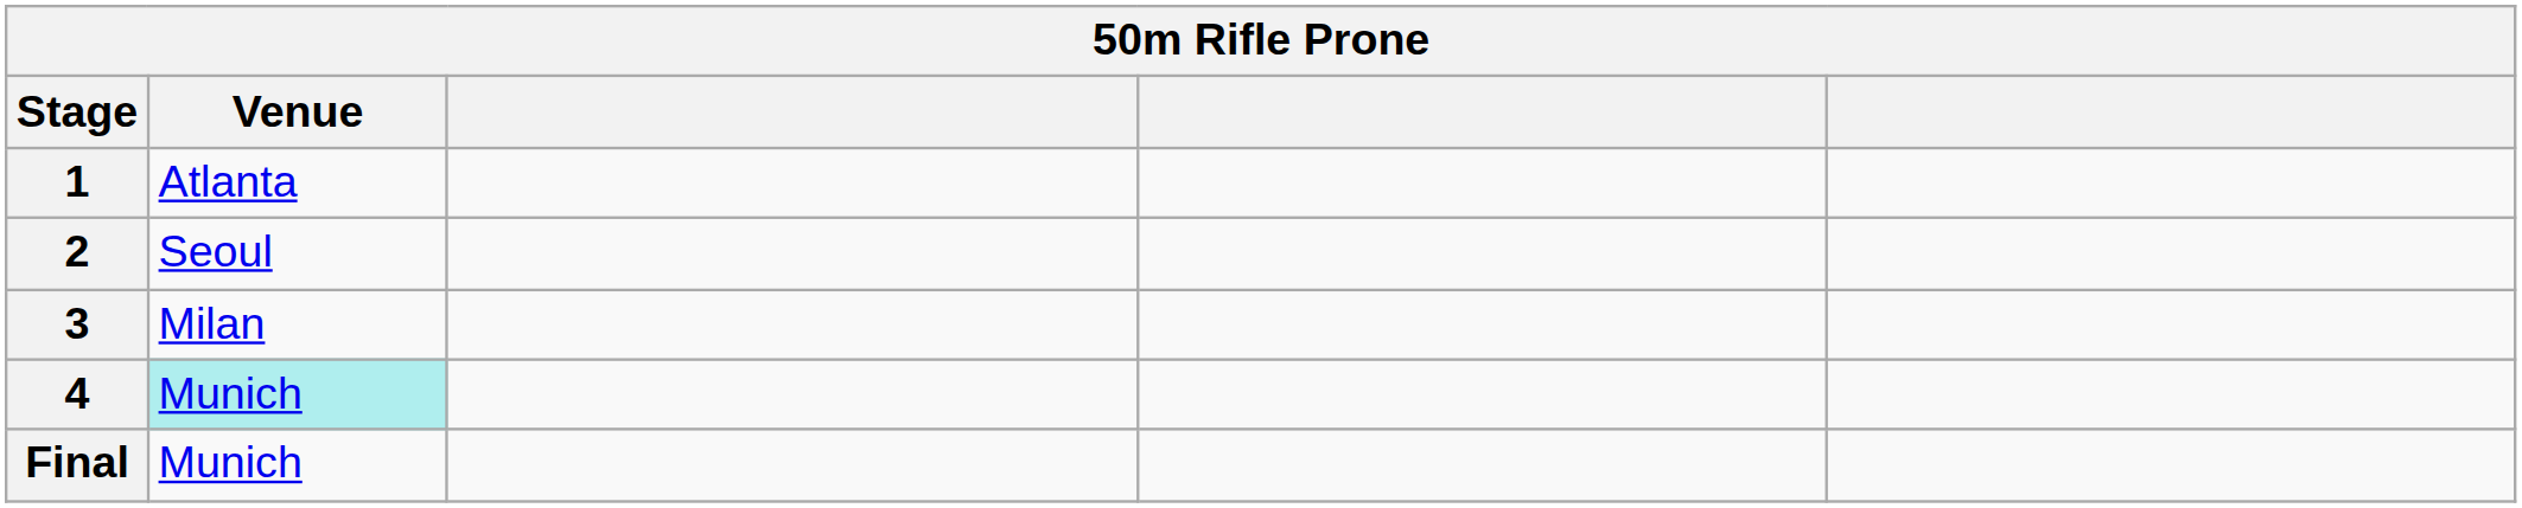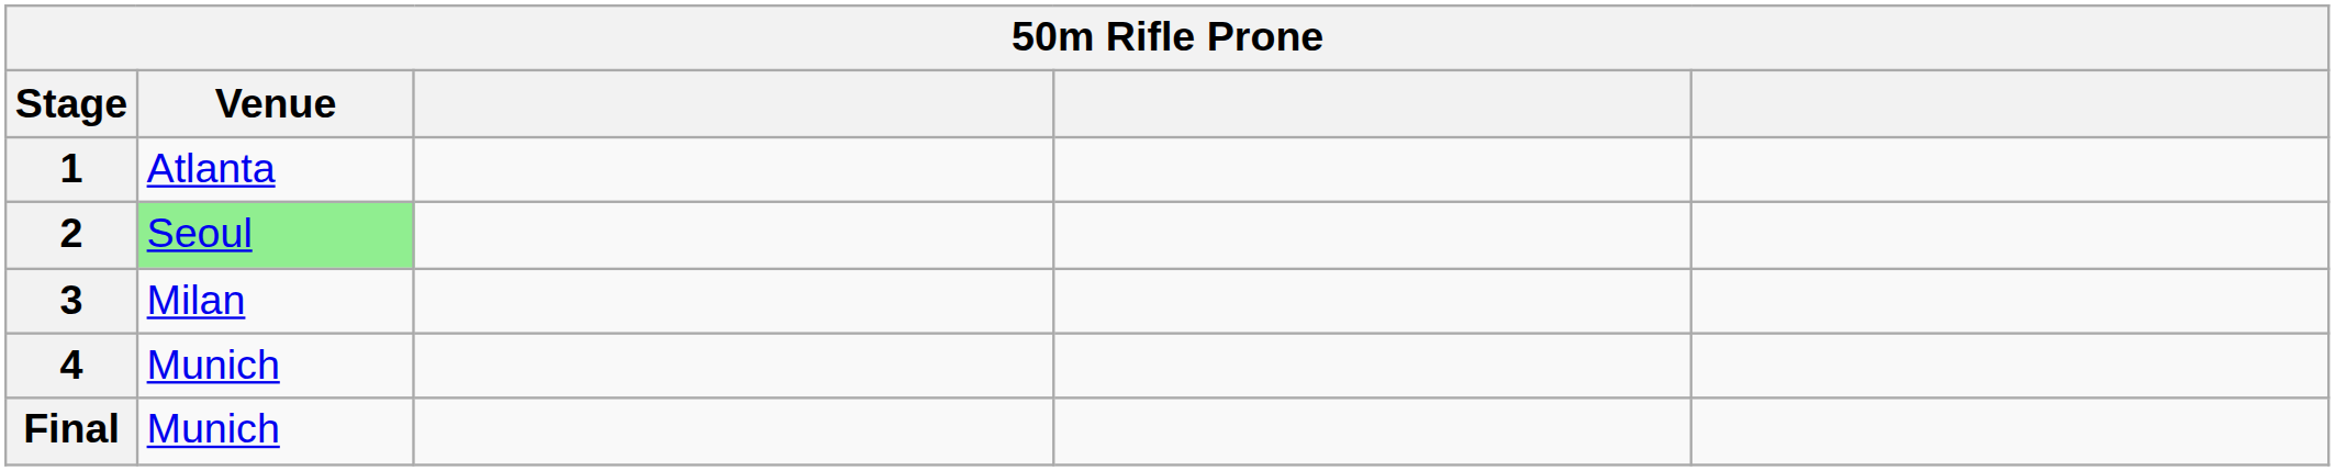 <table class="wikitable">
 <tr>
 <th colspan="5">50m Rifle Prone</th>
 </tr>
 <tr>
 <th>Stage</th>
 <th width=100>Venue</th>
 <th width=240></th>
 <th width=240></th>
 <th width=240></th>
 </tr>
 <tr>
 <th>1</th>
 <td> <a href='#'>Atlanta</a></td>
 <td></td>
 <td></td>
 <td></td>
 </tr>
 <tr>
 <th>2</th>
-<td> <a href='#'>Seoul</a></td>
+<td style="background: lightgreen;"> <a href='#'>Seoul</a></td>
 <td></td>
 <td></td>
 <td></td>
 </tr>
 <tr>
 <th>3</th>
 <td> <a href='#'>Milan</a></td>
 <td></td>
 <td></td>
 <td></td>
 </tr>
 <tr>
 <th>4</th>
-<td style="background: paleturquoise;"> <a href='#'>Munich</a></td>
+<td> <a href='#'>Munich</a></td>
 <td></td>
 <td></td>
 <td></td>
 </tr>
 <tr>
 <th>Final</th>
 <td> <a href='#'>Munich</a></td>
 <td></td>
 <td></td>
 <td></td>
 </tr>
 </table>
